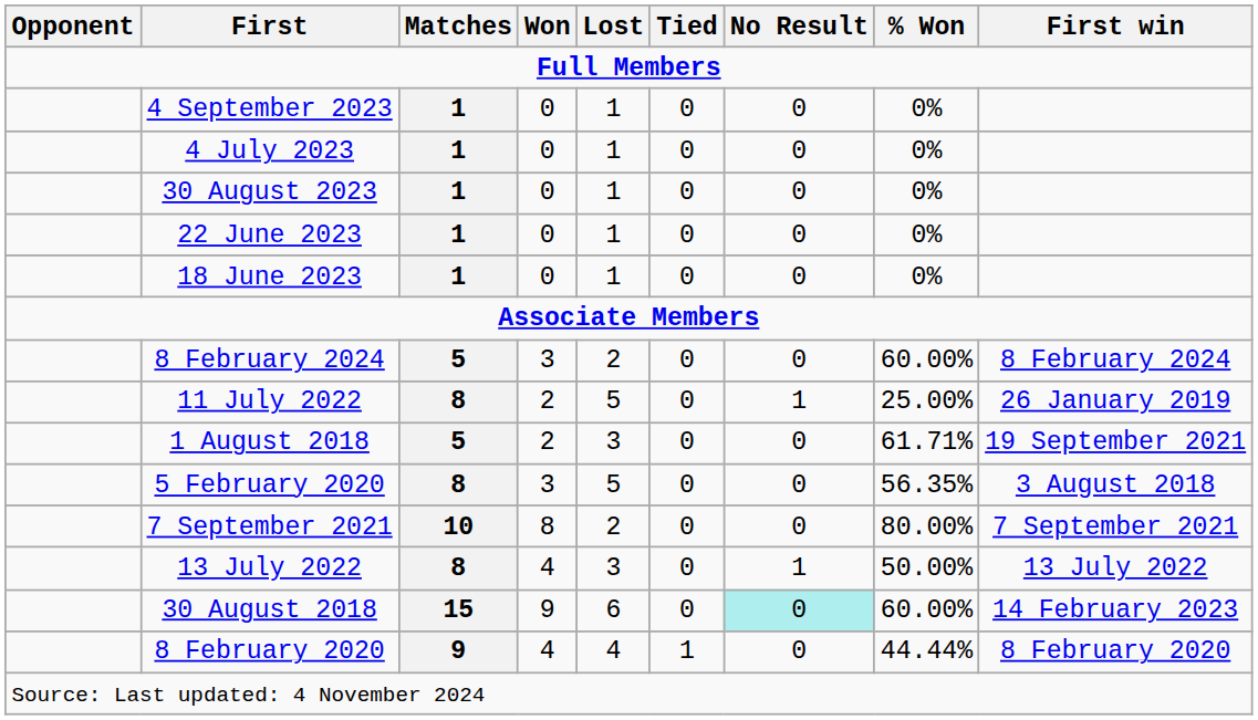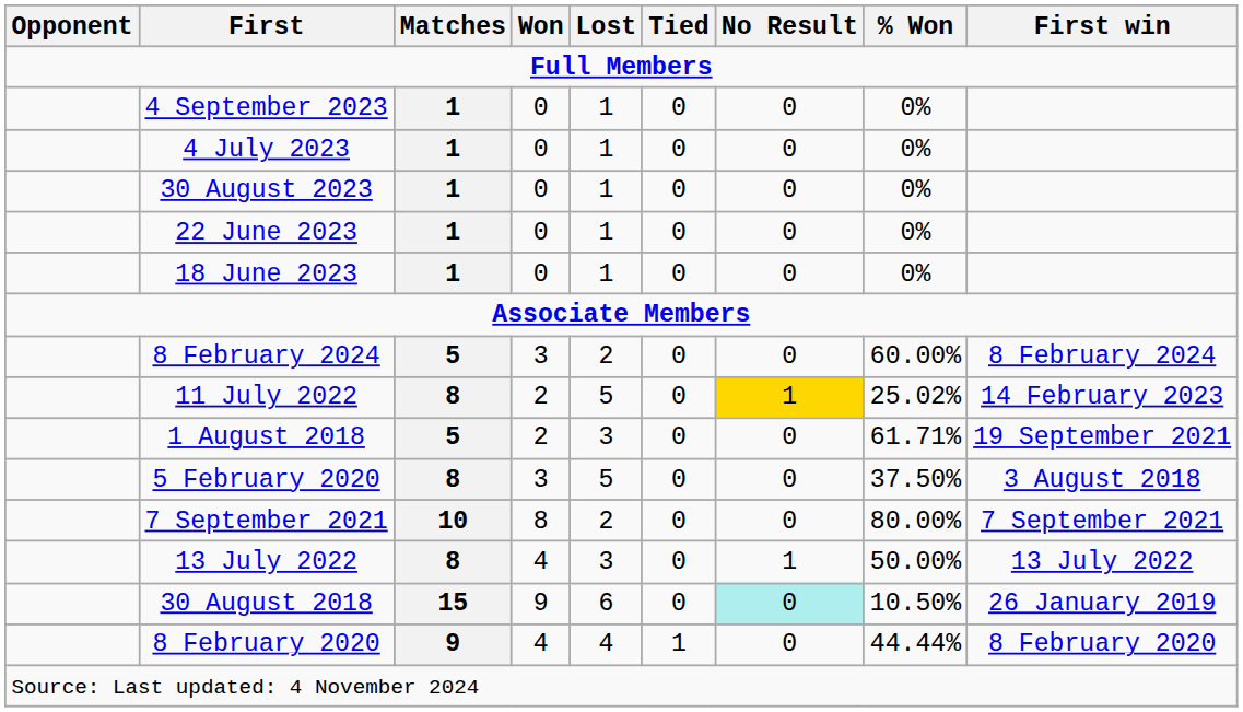 <table class="wikitable sortable" style="text-align: center;">
 <tr>
 <th scope="col">Opponent</th>
 <th scope="col" class="unsortable">First</th>
 <th scope="col">Matches</th>
 <th scope="col">Won</th>
 <th scope="col">Lost</th>
 <th scope="col">Tied</th>
 <th scope="col">No Result</th>
 <th scope="col">% Won</th>
 <th scope="col" class="unsortable">First win</th>
 </tr>
 <tr>
 <td colspan="9"><strong><a href='#'>Full Members</a></strong></td>
 </tr>
 <tr>
 <td style="text-align:left;"></td>
 <td><a href='#'>4 September 2023</a></td>
 <th>1</th>
 <td>0</td>
 <td>1</td>
 <td>0</td>
 <td>0</td>
 <td>0%</td>
 <td></td>
 </tr>
 <tr>
 <td style="text-align:left;"></td>
 <td><a href='#'>4 July 2023</a></td>
 <th>1</th>
 <td>0</td>
 <td>1</td>
 <td>0</td>
 <td>0</td>
 <td>0%</td>
 <td></td>
 </tr>
 <tr>
 <td style="text-align:left;"></td>
 <td><a href='#'>30 August 2023</a></td>
 <th>1</th>
 <td>0</td>
 <td>1</td>
 <td>0</td>
 <td>0</td>
 <td>0%</td>
 <td></td>
 </tr>
 <tr>
 <td style="text-align:left;"></td>
 <td><a href='#'>22 June 2023</a></td>
 <th>1</th>
 <td>0</td>
 <td>1</td>
 <td>0</td>
 <td>0</td>
 <td>0%</td>
 <td></td>
 </tr>
 <tr>
 <td style="text-align:left;"></td>
 <td><a href='#'>18 June 2023</a></td>
 <th>1</th>
 <td>0</td>
 <td>1</td>
 <td>0</td>
 <td>0</td>
 <td>0%</td>
 <td></td>
 </tr>
 <tr>
 <td colspan="9"><strong><a href='#'>Associate Members</a></strong></td>
 </tr>
 <tr>
 <td style="text-align:left;"></td>
 <td><a href='#'>8 February 2024</a></td>
 <th>5</th>
 <td>3</td>
 <td>2</td>
 <td>0</td>
 <td>0</td>
 <td>60.00%</td>
 <td><a href='#'>8 February 2024</a></td>
 </tr>
 <tr>
 <td style="text-align:left;"></td>
 <td><a href='#'>11 July 2022</a></td>
 <th>8</th>
 <td>2</td>
 <td>5</td>
 <td>0</td>
-<td>1</td>
-<td>25.00%</td>
-<td><a href='#'>26 January 2019</a></td>
+<td style="background: gold;">1</td>
+<td>25.02%</td>
+<td><a href='#'>14 February 2023</a></td>
 </tr>
 <tr>
 <td style="text-align:left;"></td>
 <td><a href='#'>1 August 2018</a></td>
 <th>5</th>
 <td>2</td>
 <td>3</td>
 <td>0</td>
 <td>0</td>
 <td>61.71%</td>
 <td><a href='#'>19 September 2021</a></td>
 </tr>
 <tr>
 <td style="text-align:left;"></td>
 <td><a href='#'>5 February 2020</a></td>
 <th>8</th>
 <td>3</td>
 <td>5</td>
 <td>0</td>
 <td>0</td>
-<td>56.35%</td>
+<td>37.50%</td>
 <td><a href='#'>3 August 2018</a></td>
 </tr>
 <tr>
 <td style="text-align:left;"></td>
 <td><a href='#'>7 September 2021</a></td>
 <th>10</th>
 <td>8</td>
 <td>2</td>
 <td>0</td>
 <td>0</td>
 <td>80.00%</td>
 <td><a href='#'>7 September 2021</a></td>
 </tr>
 <tr>
 <td style="text-align:left;"></td>
 <td><a href='#'>13 July 2022</a></td>
 <th>8</th>
 <td>4</td>
 <td>3</td>
 <td>0</td>
 <td>1</td>
 <td>50.00%</td>
 <td><a href='#'>13 July 2022</a></td>
 </tr>
 <tr>
 <td style="text-align:left;"></td>
 <td><a href='#'>30 August 2018</a></td>
 <th>15</th>
 <td>9</td>
 <td>6</td>
 <td>0</td>
 <td style="background: paleturquoise;">0</td>
-<td>60.00%</td>
-<td><a href='#'>14 February 2023</a></td>
+<td>10.50%</td>
+<td><a href='#'>26 January 2019</a></td>
 </tr>
 <tr>
 <td style="text-align:left;"></td>
 <td><a href='#'>8 February 2020</a></td>
 <th>9</th>
 <td>4</td>
 <td>4</td>
 <td>1</td>
 <td>0</td>
 <td>44.44%</td>
 <td><a href='#'>8 February 2020</a></td>
 </tr>
 <tr>
 <td colspan="9" style="text-align:left;"><small>Source:  Last updated: 4 November 2024</small></td>
 </tr>
 </table>
